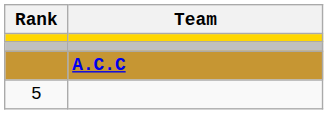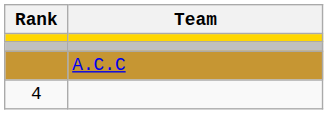 <table class="wikitable" style="text-align:center;">
 <tr>
 <th width=40>Rank</th>
 <th width=180>Team</th>
 </tr>
 <tr bgcolor="gold">
 <td></td>
 <td style="text-align:left;"></td>
 </tr>
 <tr bgcolor="silver">
 <td></td>
 <td style="text-align:left;"></td>
 </tr>
 <tr bgcolor="#C69633">
 <td></td>
-<td style="text-align:left;"><strong> <a href='#'>A.C.C</a></strong></td>
+<td style="text-align:left;"> <a href='#'>A.C.C</a></td>
 </tr>
 <tr>
-<td>5</td>
+<td>4</td>
 <td style="text-align:left;"></td>
 </tr>
 </table>
